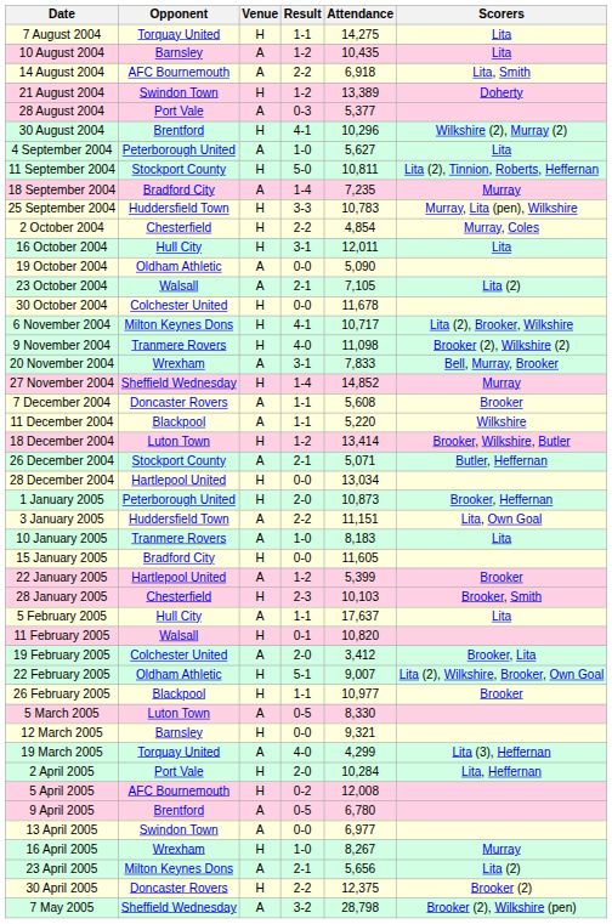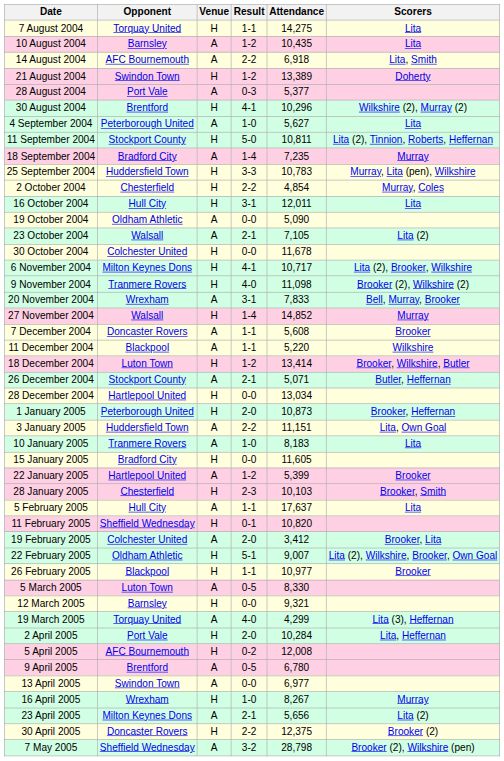 <table class="wikitable sortable" style="font-size:100%; text-align:center">
 <tr>
 <th>Date</th>
 <th>Opponent</th>
 <th>Venue</th>
 <th>Result</th>
 <th>Attendance</th>
 <th>Scorers</th>
 </tr>
 <tr style="background-color: #ffffdd;">
 <td>7 August 2004</td>
 <td><a href='#'>Torquay United</a></td>
 <td>H</td>
 <td>1-1</td>
 <td>14,275</td>
 <td><a href='#'>Lita</a></td>
 </tr>
 <tr style="background-color: #ffd0e3;">
 <td>10 August 2004</td>
 <td><a href='#'>Barnsley</a></td>
 <td>A</td>
 <td>1-2</td>
 <td>10,435</td>
 <td><a href='#'>Lita</a></td>
 </tr>
 <tr style="background-color: #ffffdd;">
 <td>14 August 2004</td>
 <td><a href='#'>AFC Bournemouth</a></td>
 <td>A</td>
 <td>2-2</td>
 <td>6,918</td>
 <td><a href='#'>Lita</a>, <a href='#'>Smith</a></td>
 </tr>
 <tr style="background-color: #ffd0e3;">
 <td>21 August 2004</td>
 <td><a href='#'>Swindon Town</a></td>
 <td>H</td>
 <td>1-2</td>
 <td>13,389</td>
 <td><a href='#'>Doherty</a></td>
 </tr>
 <tr style="background-color: #ffd0e3;">
 <td>28 August 2004</td>
 <td><a href='#'>Port Vale</a></td>
 <td>A</td>
 <td>0-3</td>
 <td>5,377</td>
 <td></td>
 </tr>
 <tr style="background-color: #d0ffe3;">
 <td>30 August 2004</td>
 <td><a href='#'>Brentford</a></td>
 <td>H</td>
 <td>4-1</td>
 <td>10,296</td>
 <td><a href='#'>Wilkshire</a> (2), <a href='#'>Murray</a> (2)</td>
 </tr>
 <tr style="background-color: #d0ffe3;">
 <td>4 September 2004</td>
 <td><a href='#'>Peterborough United</a></td>
 <td>A</td>
 <td>1-0</td>
 <td>5,627</td>
 <td><a href='#'>Lita</a></td>
 </tr>
 <tr style="background-color: #d0ffe3;">
 <td>11 September 2004</td>
 <td><a href='#'>Stockport County</a></td>
 <td>H</td>
 <td>5-0</td>
 <td>10,811</td>
 <td><a href='#'>Lita</a> (2), <a href='#'>Tinnion</a>, <a href='#'>Roberts</a>, <a href='#'>Heffernan</a></td>
 </tr>
 <tr style="background-color: #ffd0e3;">
 <td>18 September 2004</td>
 <td><a href='#'>Bradford City</a></td>
 <td>A</td>
 <td>1-4</td>
 <td>7,235</td>
 <td><a href='#'>Murray</a></td>
 </tr>
 <tr style="background-color: #ffffdd;">
 <td>25 September 2004</td>
 <td><a href='#'>Huddersfield Town</a></td>
 <td>H</td>
 <td>3-3</td>
 <td>10,783</td>
 <td><a href='#'>Murray</a>, <a href='#'>Lita</a> (pen), <a href='#'>Wilkshire</a></td>
 </tr>
 <tr style="background-color: #ffffdd;">
 <td>2 October 2004</td>
 <td><a href='#'>Chesterfield</a></td>
 <td>H</td>
 <td>2-2</td>
 <td>4,854</td>
 <td><a href='#'>Murray</a>, <a href='#'>Coles</a></td>
 </tr>
 <tr style="background-color: #d0ffe3;">
 <td>16 October 2004</td>
 <td><a href='#'>Hull City</a></td>
 <td>H</td>
 <td>3-1</td>
 <td>12,011</td>
 <td><a href='#'>Lita</a></td>
 </tr>
 <tr style="background-color: #ffffdd;">
 <td>19 October 2004</td>
 <td><a href='#'>Oldham Athletic</a></td>
 <td>A</td>
 <td>0-0</td>
 <td>5,090</td>
 <td></td>
 </tr>
 <tr style="background-color: #d0ffe3;">
 <td>23 October 2004</td>
 <td><a href='#'>Walsall</a></td>
 <td>A</td>
 <td>2-1</td>
 <td>7,105</td>
 <td><a href='#'>Lita</a> (2)</td>
 </tr>
 <tr style="background-color: #ffffdd;">
 <td>30 October 2004</td>
 <td><a href='#'>Colchester United</a></td>
 <td>H</td>
 <td>0-0</td>
 <td>11,678</td>
 <td></td>
 </tr>
 <tr style="background-color: #d0ffe3;">
 <td>6 November 2004</td>
 <td><a href='#'>Milton Keynes Dons</a></td>
 <td>H</td>
 <td>4-1</td>
 <td>10,717</td>
 <td><a href='#'>Lita</a> (2), <a href='#'>Brooker</a>, <a href='#'>Wilkshire</a></td>
 </tr>
 <tr style="background-color: #d0ffe3;">
 <td>9 November 2004</td>
 <td><a href='#'>Tranmere Rovers</a></td>
 <td>H</td>
 <td>4-0</td>
 <td>11,098</td>
 <td><a href='#'>Brooker</a> (2), <a href='#'>Wilkshire</a> (2)</td>
 </tr>
 <tr style="background-color: #d0ffe3;">
 <td>20 November 2004</td>
 <td><a href='#'>Wrexham</a></td>
 <td>A</td>
 <td>3-1</td>
 <td>7,833</td>
 <td><a href='#'>Bell</a>, <a href='#'>Murray</a>, <a href='#'>Brooker</a></td>
 </tr>
 <tr style="background-color: #ffd0e3;">
 <td>27 November 2004</td>
-<td><a href='#'>Sheffield Wednesday</a></td>
+<td><a href='#'>Walsall</a></td>
 <td>H</td>
 <td>1-4</td>
 <td>14,852</td>
 <td><a href='#'>Murray</a></td>
 </tr>
 <tr style="background-color: #ffffdd;">
 <td>7 December 2004</td>
 <td><a href='#'>Doncaster Rovers</a></td>
 <td>A</td>
 <td>1-1</td>
 <td>5,608</td>
 <td><a href='#'>Brooker</a></td>
 </tr>
 <tr style="background-color: #ffffdd;">
 <td>11 December 2004</td>
 <td><a href='#'>Blackpool</a></td>
 <td>A</td>
 <td>1-1</td>
 <td>5,220</td>
 <td><a href='#'>Wilkshire</a></td>
 </tr>
 <tr style="background-color: #ffd0e3;">
 <td>18 December 2004</td>
 <td><a href='#'>Luton Town</a></td>
 <td>H</td>
 <td>1-2</td>
 <td>13,414</td>
 <td><a href='#'>Brooker</a>, <a href='#'>Wilkshire</a>, <a href='#'>Butler</a></td>
 </tr>
 <tr style="background-color: #d0ffe3;">
 <td>26 December 2004</td>
 <td><a href='#'>Stockport County</a></td>
 <td>A</td>
 <td>2-1</td>
 <td>5,071</td>
 <td><a href='#'>Butler</a>, <a href='#'>Heffernan</a></td>
 </tr>
 <tr style="background-color: #ffffdd;">
 <td>28 December 2004</td>
 <td><a href='#'>Hartlepool United</a></td>
 <td>H</td>
 <td>0-0</td>
 <td>13,034</td>
 <td></td>
 </tr>
 <tr style="background-color: #d0ffe3;">
 <td>1 January 2005</td>
 <td><a href='#'>Peterborough United</a></td>
 <td>H</td>
 <td>2-0</td>
 <td>10,873</td>
 <td><a href='#'>Brooker</a>, <a href='#'>Heffernan</a></td>
 </tr>
 <tr style="background-color: #ffffdd;">
 <td>3 January 2005</td>
 <td><a href='#'>Huddersfield Town</a></td>
 <td>A</td>
 <td>2-2</td>
 <td>11,151</td>
 <td><a href='#'>Lita</a>, <a href='#'>Own Goal</a></td>
 </tr>
 <tr style="background-color: #d0ffe3;">
 <td>10 January 2005</td>
 <td><a href='#'>Tranmere Rovers</a></td>
 <td>A</td>
 <td>1-0</td>
 <td>8,183</td>
 <td><a href='#'>Lita</a></td>
 </tr>
 <tr style="background-color: #ffffdd;">
 <td>15 January 2005</td>
 <td><a href='#'>Bradford City</a></td>
 <td>H</td>
 <td>0-0</td>
 <td>11,605</td>
 <td></td>
 </tr>
 <tr style="background-color: #ffd0e3;">
 <td>22 January 2005</td>
 <td><a href='#'>Hartlepool United</a></td>
 <td>A</td>
 <td>1-2</td>
 <td>5,399</td>
 <td><a href='#'>Brooker</a></td>
 </tr>
 <tr style="background-color: #ffd0e3;">
 <td>28 January 2005</td>
 <td><a href='#'>Chesterfield</a></td>
 <td>H</td>
 <td>2-3</td>
 <td>10,103</td>
 <td><a href='#'>Brooker</a>, <a href='#'>Smith</a></td>
 </tr>
 <tr style="background-color: #ffffdd;">
 <td>5 February 2005</td>
 <td><a href='#'>Hull City</a></td>
 <td>A</td>
 <td>1-1</td>
 <td>17,637</td>
 <td><a href='#'>Lita</a></td>
 </tr>
 <tr style="background-color: #ffd0e3;">
 <td>11 February 2005</td>
-<td><a href='#'>Walsall</a></td>
+<td><a href='#'>Sheffield Wednesday</a></td>
 <td>H</td>
 <td>0-1</td>
 <td>10,820</td>
 <td></td>
 </tr>
 <tr style="background-color: #d0ffe3;">
 <td>19 February 2005</td>
 <td><a href='#'>Colchester United</a></td>
 <td>A</td>
 <td>2-0</td>
 <td>3,412</td>
 <td><a href='#'>Brooker</a>, <a href='#'>Lita</a></td>
 </tr>
 <tr style="background-color: #d0ffe3;">
 <td>22 February 2005</td>
 <td><a href='#'>Oldham Athletic</a></td>
 <td>H</td>
 <td>5-1</td>
 <td>9,007</td>
 <td><a href='#'>Lita</a> (2), <a href='#'>Wilkshire</a>, <a href='#'>Brooker</a>, <a href='#'>Own Goal</a></td>
 </tr>
 <tr style="background-color: #ffffdd;">
 <td>26 February 2005</td>
 <td><a href='#'>Blackpool</a></td>
 <td>H</td>
 <td>1-1</td>
 <td>10,977</td>
 <td><a href='#'>Brooker</a></td>
 </tr>
 <tr style="background-color: #ffd0e3;">
 <td>5 March 2005</td>
 <td><a href='#'>Luton Town</a></td>
 <td>A</td>
 <td>0-5</td>
 <td>8,330</td>
 <td></td>
 </tr>
 <tr style="background-color: #ffffdd;">
 <td>12 March 2005</td>
 <td><a href='#'>Barnsley</a></td>
 <td>H</td>
 <td>0-0</td>
 <td>9,321</td>
 <td></td>
 </tr>
 <tr style="background-color: #d0ffe3;">
 <td>19 March 2005</td>
 <td><a href='#'>Torquay United</a></td>
 <td>A</td>
 <td>4-0</td>
 <td>4,299</td>
 <td><a href='#'>Lita</a> (3), <a href='#'>Heffernan</a></td>
 </tr>
 <tr style="background-color: #d0ffe3;">
 <td>2 April 2005</td>
 <td><a href='#'>Port Vale</a></td>
 <td>H</td>
 <td>2-0</td>
 <td>10,284</td>
 <td><a href='#'>Lita</a>, <a href='#'>Heffernan</a></td>
 </tr>
 <tr style="background-color: #ffd0e3;">
 <td>5 April 2005</td>
 <td><a href='#'>AFC Bournemouth</a></td>
 <td>H</td>
 <td>0-2</td>
 <td>12,008</td>
 <td></td>
 </tr>
 <tr style="background-color: #ffd0e3;">
 <td>9 April 2005</td>
 <td><a href='#'>Brentford</a></td>
 <td>A</td>
 <td>0-5</td>
 <td>6,780</td>
 <td></td>
 </tr>
 <tr style="background-color: #ffffdd;">
 <td>13 April 2005</td>
 <td><a href='#'>Swindon Town</a></td>
 <td>A</td>
 <td>0-0</td>
 <td>6,977</td>
 <td></td>
 </tr>
 <tr style="background-color: #d0ffe3;">
 <td>16 April 2005</td>
 <td><a href='#'>Wrexham</a></td>
 <td>H</td>
 <td>1-0</td>
 <td>8,267</td>
 <td><a href='#'>Murray</a></td>
 </tr>
 <tr style="background-color: #d0ffe3;">
 <td>23 April 2005</td>
 <td><a href='#'>Milton Keynes Dons</a></td>
 <td>A</td>
 <td>2-1</td>
 <td>5,656</td>
 <td><a href='#'>Lita</a> (2)</td>
 </tr>
 <tr style="background-color: #ffffdd;">
 <td>30 April 2005</td>
 <td><a href='#'>Doncaster Rovers</a></td>
 <td>H</td>
 <td>2-2</td>
 <td>12,375</td>
 <td><a href='#'>Brooker</a> (2)</td>
 </tr>
 <tr style="background-color: #d0ffe3;">
 <td>7 May 2005</td>
 <td><a href='#'>Sheffield Wednesday</a></td>
 <td>A</td>
 <td>3-2</td>
 <td>28,798</td>
 <td><a href='#'>Brooker</a> (2), <a href='#'>Wilkshire</a> (pen)</td>
 </tr>
 </table>
